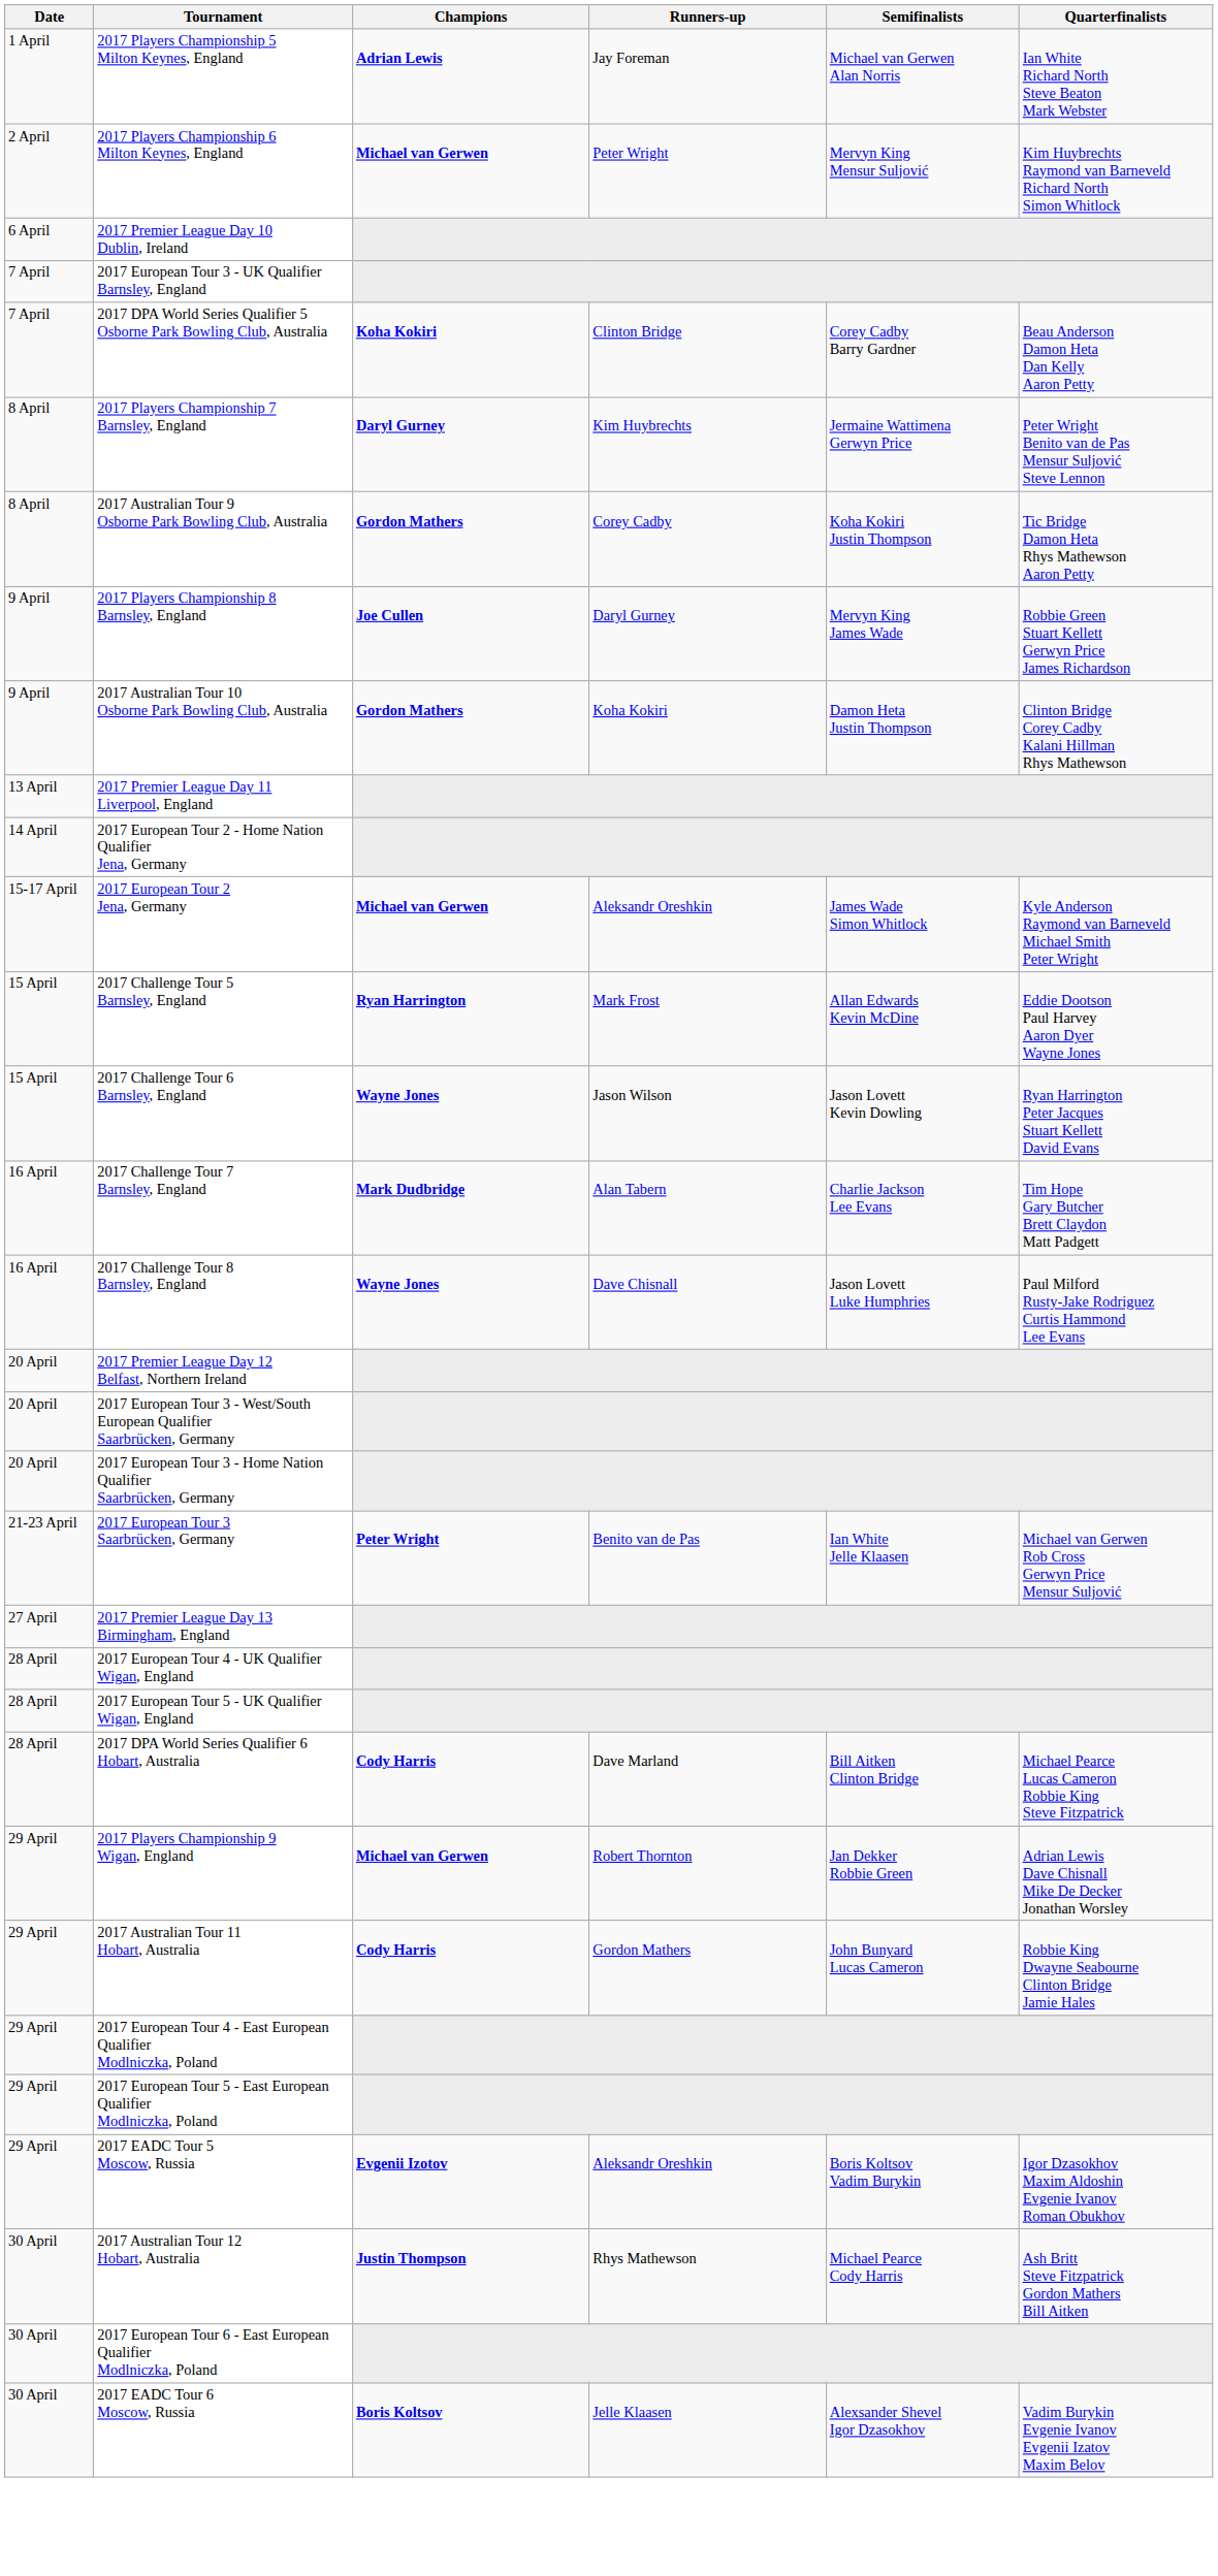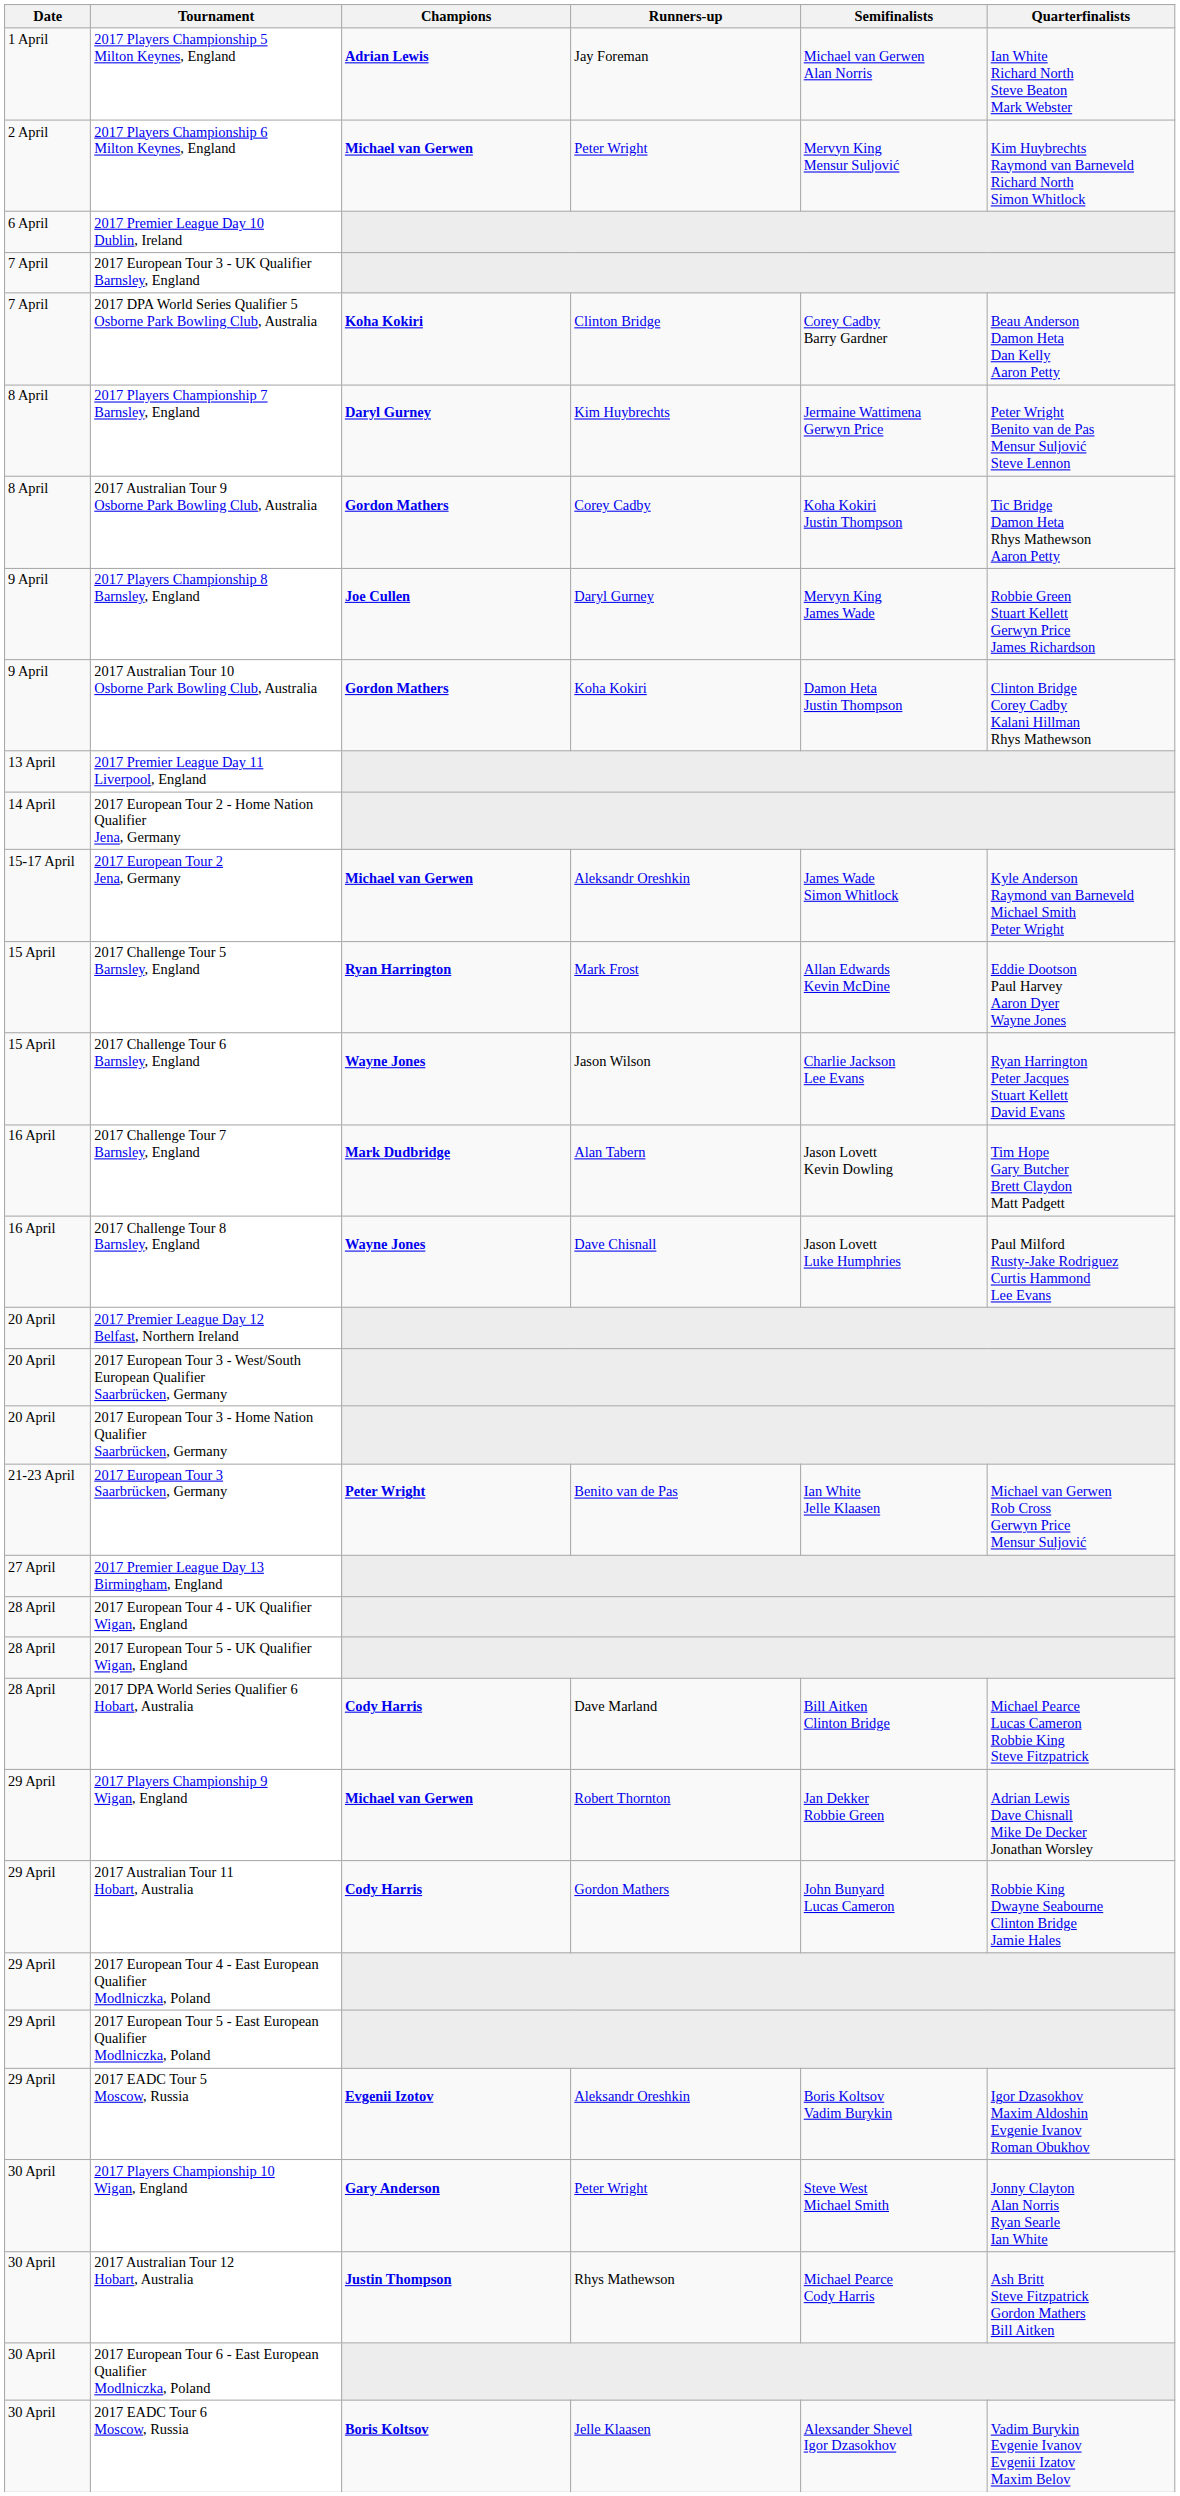 <table class=wikitable style=font-size:85%>
 <tr>
 <th width=75>Date</th>
 <th width=230>Tournament</th>
 <th width=210>Champions</th>
 <th width=210>Runners-up</th>
 <th width=170>Semifinalists</th>
 <th width=170>Quarterfinalists</th>
 </tr>
 <tr valign="top">
 <td>1 April</td>
 <td bgcolor="#ffffff"><a href='#'>2017 Players Championship 5</a><br><a href='#'>Milton Keynes</a>, England</td>
 <td><br> <strong><a href='#'>Adrian Lewis</a></strong></td>
 <td><br> Jay Foreman</td>
 <td><br> <a href='#'>Michael van Gerwen</a><br>  <a href='#'>Alan Norris</a></td>
 <td><br> <a href='#'>Ian White</a> <br>  <a href='#'>Richard North</a> <br>  <a href='#'>Steve Beaton</a> <br>  <a href='#'>Mark Webster</a></td>
 </tr>
 <tr valign="top">
 <td>2 April</td>
 <td bgcolor="#ffffff"><a href='#'>2017 Players Championship 6</a><br><a href='#'>Milton Keynes</a>, England</td>
 <td><br> <strong><a href='#'>Michael van Gerwen</a></strong></td>
 <td><br> <a href='#'>Peter Wright</a></td>
 <td><br> <a href='#'>Mervyn King</a> <br>  <a href='#'>Mensur Suljović</a> <br></td>
 <td><br> <a href='#'>Kim Huybrechts</a> <br>  <a href='#'>Raymond van Barneveld</a> <br>  <a href='#'>Richard North</a> <br>  <a href='#'>Simon Whitlock</a></td>
 </tr>
 <tr valign="top">
 <td>6 April</td>
 <td bgcolor="#ffffff"><a href='#'>2017 Premier League Day 10</a> <br> <a href='#'>Dublin</a>, Ireland</td>
 <td colspan=4 bgcolor="#ededed"></td>
 </tr>
 <tr valign="top">
 <td>7 April</td>
 <td bgcolor="#ffffff">2017 European Tour 3 - UK Qualifier <br> <a href='#'>Barnsley</a>, England</td>
 <td colspan=4 bgcolor="#ededed"></td>
 </tr>
 <tr valign="top">
 <td>7 April</td>
 <td bgcolor="#ffffff">2017 DPA World Series Qualifier 5<br><a href='#'>Osborne Park Bowling Club</a>, Australia</td>
 <td><br> <strong><a href='#'>Koha Kokiri</a></strong></td>
 <td><br> <a href='#'>Clinton Bridge</a></td>
 <td><br> <a href='#'>Corey Cadby</a><br>  Barry Gardner</td>
 <td><br> <a href='#'>Beau Anderson</a><br>  <a href='#'>Damon Heta</a><br>  <a href='#'>Dan Kelly</a><br>  <a href='#'>Aaron Petty</a></td>
 </tr>
 <tr valign="top">
 <td>8 April</td>
 <td bgcolor="#ffffff"><a href='#'>2017 Players Championship 7</a><br><a href='#'>Barnsley</a>, England</td>
 <td><br> <strong><a href='#'>Daryl Gurney</a></strong></td>
 <td><br> <a href='#'>Kim Huybrechts</a></td>
 <td><br> <a href='#'>Jermaine Wattimena</a> <br>  <a href='#'>Gerwyn Price</a></td>
 <td><br> <a href='#'>Peter Wright</a> <br>  <a href='#'>Benito van de Pas</a> <br>  <a href='#'>Mensur Suljović</a> <br>  <a href='#'>Steve Lennon</a></td>
 </tr>
 <tr valign="top">
 <td>8 April</td>
 <td bgcolor="#ffffff">2017 Australian Tour 9<br><a href='#'>Osborne Park Bowling Club</a>, Australia</td>
 <td><br> <strong><a href='#'>Gordon Mathers</a></strong></td>
 <td><br> <a href='#'>Corey Cadby</a></td>
 <td><br> <a href='#'>Koha Kokiri</a> <br>  <a href='#'>Justin Thompson</a></td>
 <td><br> <a href='#'>Tic Bridge</a><br>  <a href='#'>Damon Heta</a><br>  Rhys Mathewson<br>  <a href='#'>Aaron Petty</a></td>
 </tr>
 <tr valign="top">
 <td>9 April</td>
 <td bgcolor="#ffffff"><a href='#'>2017 Players Championship 8</a><br><a href='#'>Barnsley</a>, England</td>
 <td><br> <strong><a href='#'>Joe Cullen</a></strong></td>
 <td><br> <a href='#'>Daryl Gurney</a></td>
 <td><br> <a href='#'>Mervyn King</a> <br>  <a href='#'>James Wade</a></td>
 <td><br> <a href='#'>Robbie Green</a> <br>  <a href='#'>Stuart Kellett</a> <br>  <a href='#'>Gerwyn Price</a> <br>  <a href='#'>James Richardson</a></td>
 </tr>
 <tr valign="top">
 <td>9 April</td>
 <td bgcolor="#ffffff">2017 Australian Tour 10<br><a href='#'>Osborne Park Bowling Club</a>, Australia</td>
 <td><br> <strong><a href='#'>Gordon Mathers</a></strong></td>
 <td><br> <a href='#'>Koha Kokiri</a></td>
 <td><br> <a href='#'>Damon Heta</a><br>  <a href='#'>Justin Thompson</a></td>
 <td><br> <a href='#'>Clinton Bridge</a><br>  <a href='#'>Corey Cadby</a><br>  <a href='#'>Kalani Hillman</a><br>  Rhys Mathewson</td>
 </tr>
 <tr valign="top">
 <td>13 April</td>
 <td bgcolor="#ffffff"><a href='#'>2017 Premier League Day 11</a> <br> <a href='#'>Liverpool</a>, England</td>
 <td colspan=4 bgcolor="#ededed"></td>
 </tr>
 <tr valign="top">
 <td>14 April</td>
 <td bgcolor="#ffffff">2017 European Tour 2 - Home Nation Qualifier <br> <a href='#'>Jena</a>, Germany</td>
 <td colspan=4 bgcolor="#ededed"></td>
 </tr>
 <tr valign="top">
 <td>15-17 April</td>
 <td bgcolor="#ffffff"><a href='#'>2017 European Tour 2</a><br><a href='#'>Jena</a>, Germany</td>
 <td><br> <strong><a href='#'>Michael van Gerwen</a></strong></td>
 <td><br> <a href='#'>Aleksandr Oreshkin</a></td>
 <td><br> <a href='#'>James Wade</a> <br>  <a href='#'>Simon Whitlock</a></td>
 <td><br> <a href='#'>Kyle Anderson</a> <br>  <a href='#'>Raymond van Barneveld</a> <br>  <a href='#'>Michael Smith</a> <br>  <a href='#'>Peter Wright</a></td>
 </tr>
 <tr valign="top">
 <td>15 April</td>
 <td bgcolor="#ffffff">2017 Challenge Tour 5<br><a href='#'>Barnsley</a>, England</td>
 <td><br> <strong><a href='#'>Ryan Harrington</a></strong></td>
 <td><br> <a href='#'>Mark Frost</a></td>
 <td><br> <a href='#'>Allan Edwards</a> <br>  <a href='#'>Kevin McDine</a></td>
 <td><br> <a href='#'>Eddie Dootson</a> <br>  Paul Harvey <br>  <a href='#'>Aaron Dyer</a> <br>  <a href='#'>Wayne Jones</a></td>
 </tr>
 <tr valign="top">
 <td>15 April</td>
 <td bgcolor="#ffffff">2017 Challenge Tour 6<br><a href='#'>Barnsley</a>, England</td>
 <td><br> <strong><a href='#'>Wayne Jones</a></strong></td>
 <td><br> Jason Wilson</td>
-<td><br> Jason Lovett <br>  Kevin Dowling</td>
+<td><br> <a href='#'>Charlie Jackson</a> <br>  <a href='#'>Lee Evans</a></td>
 <td><br> <a href='#'>Ryan Harrington</a> <br>  <a href='#'>Peter Jacques</a> <br>  <a href='#'>Stuart Kellett</a> <br>  <a href='#'>David Evans</a></td>
 </tr>
 <tr valign="top">
 <td>16 April</td>
 <td bgcolor="#ffffff">2017 Challenge Tour 7<br><a href='#'>Barnsley</a>, England</td>
 <td><br> <strong><a href='#'>Mark Dudbridge</a></strong></td>
 <td><br> <a href='#'>Alan Tabern</a></td>
-<td><br> <a href='#'>Charlie Jackson</a> <br>  <a href='#'>Lee Evans</a></td>
+<td><br> Jason Lovett <br>  Kevin Dowling</td>
 <td><br> <a href='#'>Tim Hope</a> <br>  <a href='#'>Gary Butcher</a> <br>  <a href='#'>Brett Claydon</a> <br>  Matt Padgett</td>
 </tr>
 <tr valign="top">
 <td>16 April</td>
 <td bgcolor="#ffffff">2017 Challenge Tour 8<br><a href='#'>Barnsley</a>, England</td>
 <td><br> <strong><a href='#'>Wayne Jones</a></strong></td>
 <td><br> <a href='#'>Dave Chisnall</a></td>
 <td><br> Jason Lovett <br>  <a href='#'>Luke Humphries</a></td>
 <td><br> Paul Milford <br>  <a href='#'>Rusty-Jake Rodriguez</a> <br>  <a href='#'>Curtis Hammond</a> <br>  <a href='#'>Lee Evans</a></td>
 </tr>
 <tr valign="top">
 <td>20 April</td>
 <td bgcolor="#ffffff"><a href='#'>2017 Premier League Day 12</a> <br> <a href='#'>Belfast</a>, Northern Ireland</td>
 <td colspan=4 bgcolor="#ededed"></td>
 </tr>
 <tr valign="top">
 <td>20 April</td>
 <td bgcolor="#ffffff">2017 European Tour 3 - West/South European Qualifier <br> <a href='#'>Saarbrücken</a>, Germany</td>
 <td colspan=4 bgcolor="#ededed"></td>
 </tr>
 <tr valign="top">
 <td>20 April</td>
 <td bgcolor="#ffffff">2017 European Tour 3 - Home Nation Qualifier <br> <a href='#'>Saarbrücken</a>, Germany</td>
 <td colspan=4 bgcolor="#ededed"></td>
 </tr>
 <tr valign="top">
 <td>21-23 April</td>
 <td bgcolor="#ffffff"><a href='#'>2017 European Tour 3</a><br><a href='#'>Saarbrücken</a>, Germany</td>
 <td><br> <strong><a href='#'>Peter Wright</a></strong></td>
 <td><br> <a href='#'>Benito van de Pas</a></td>
 <td><br> <a href='#'>Ian White</a> <br>  <a href='#'>Jelle Klaasen</a></td>
 <td><br> <a href='#'>Michael van Gerwen</a> <br>  <a href='#'>Rob Cross</a> <br>  <a href='#'>Gerwyn Price</a> <br>  <a href='#'>Mensur Suljović</a></td>
 </tr>
 <tr valign="top">
 <td>27 April</td>
 <td bgcolor="#ffffff"><a href='#'>2017 Premier League Day 13</a> <br> <a href='#'>Birmingham</a>, England</td>
 <td colspan=4 bgcolor="#ededed"></td>
 </tr>
 <tr valign="top">
 <td>28 April</td>
 <td bgcolor="#ffffff">2017 European Tour 4 - UK Qualifier <br> <a href='#'>Wigan</a>, England</td>
 <td colspan=4 bgcolor="#ededed"></td>
 </tr>
 <tr valign="top">
 <td>28 April</td>
 <td bgcolor="#ffffff">2017 European Tour 5 - UK Qualifier <br> <a href='#'>Wigan</a>, England</td>
 <td colspan=4 bgcolor="#ededed"></td>
 </tr>
 <tr valign="top">
 <td>28 April</td>
 <td bgcolor="#ffffff">2017 DPA World Series Qualifier 6<br><a href='#'>Hobart</a>, Australia</td>
 <td><br> <strong><a href='#'>Cody Harris</a></strong></td>
 <td><br> Dave Marland</td>
 <td><br> <a href='#'>Bill Aitken</a> <br>  <a href='#'>Clinton Bridge</a></td>
 <td><br> <a href='#'>Michael Pearce</a> <br>  <a href='#'>Lucas Cameron</a> <br>  <a href='#'>Robbie King</a> <br>  <a href='#'>Steve Fitzpatrick</a></td>
 </tr>
 <tr valign="top">
 <td>29 April</td>
 <td bgcolor="#ffffff"><a href='#'>2017 Players Championship 9</a><br><a href='#'>Wigan</a>, England</td>
 <td><br> <strong><a href='#'>Michael van Gerwen</a></strong></td>
 <td><br> <a href='#'>Robert Thornton</a></td>
 <td><br> <a href='#'>Jan Dekker</a> <br>  <a href='#'>Robbie Green</a></td>
 <td><br> <a href='#'>Adrian Lewis</a> <br>  <a href='#'>Dave Chisnall</a> <br>  <a href='#'>Mike De Decker</a> <br>  Jonathan Worsley</td>
 </tr>
 <tr valign="top">
 <td>29 April</td>
 <td bgcolor="#ffffff">2017 Australian Tour 11<br><a href='#'>Hobart</a>, Australia</td>
 <td><br> <strong><a href='#'>Cody Harris</a></strong></td>
 <td><br> <a href='#'>Gordon Mathers</a></td>
 <td><br> <a href='#'>John Bunyard</a> <br>  <a href='#'>Lucas Cameron</a></td>
 <td><br> <a href='#'>Robbie King</a> <br>  <a href='#'>Dwayne Seabourne</a> <br>  <a href='#'>Clinton Bridge</a> <br>  <a href='#'>Jamie Hales</a></td>
 </tr>
 <tr valign="top">
 <td>29 April</td>
 <td bgcolor="#ffffff">2017 European Tour 4 - East European Qualifier <br> <a href='#'>Modlniczka</a>, Poland</td>
 <td colspan=4 bgcolor="#ededed"></td>
 </tr>
 <tr valign="top">
 <td>29 April</td>
 <td bgcolor="#ffffff">2017 European Tour 5 - East European Qualifier <br> <a href='#'>Modlniczka</a>, Poland</td>
 <td colspan=4 bgcolor="#ededed"></td>
 </tr>
 <tr valign="top">
 <td>29 April</td>
 <td bgcolor="#ffffff">2017 EADC Tour 5<br><a href='#'>Moscow</a>, Russia</td>
 <td><br> <strong><a href='#'>Evgenii Izotov</a></strong></td>
 <td><br> <a href='#'>Aleksandr Oreshkin</a></td>
 <td><br> <a href='#'>Boris Koltsov</a> <br>  <a href='#'>Vadim Burykin</a></td>
 <td><br> <a href='#'>Igor Dzasokhov</a> <br>  <a href='#'>Maxim Aldoshin</a> <br>  <a href='#'>Evgenie Ivanov</a> <br>  <a href='#'>Roman Obukhov</a></td>
 </tr>
 <tr valign="top">
 <td>30 April</td>
+<td bgcolor="#ffffff"><a href='#'>2017 Players Championship 10</a><br><a href='#'>Wigan</a>, England</td>
+<td><br> <strong><a href='#'>Gary Anderson</a></strong></td>
+<td><br> <a href='#'>Peter Wright</a></td>
+<td><br> <a href='#'>Steve West</a> <br>  <a href='#'>Michael Smith</a></td>
+<td><br> <a href='#'>Jonny Clayton</a> <br>  <a href='#'>Alan Norris</a> <br>  <a href='#'>Ryan Searle</a> <br>  <a href='#'>Ian White</a></td>
+</tr>
+<tr valign="top">
+<td>30 April</td>
 <td bgcolor="#ffffff">2017 Australian Tour 12<br><a href='#'>Hobart</a>, Australia</td>
 <td><br> <strong><a href='#'>Justin Thompson</a></strong></td>
 <td><br> Rhys Mathewson</td>
 <td><br> <a href='#'>Michael Pearce</a> <br>  <a href='#'>Cody Harris</a></td>
 <td><br> <a href='#'>Ash Britt</a> <br>  <a href='#'>Steve Fitzpatrick</a> <br>  <a href='#'>Gordon Mathers</a> <br>  <a href='#'>Bill Aitken</a></td>
 </tr>
 <tr valign="top">
 <td>30 April</td>
 <td bgcolor="#ffffff">2017 European Tour 6 - East European Qualifier <br> <a href='#'>Modlniczka</a>, Poland</td>
 <td colspan=4 bgcolor="#ededed"></td>
 </tr>
 <tr valign="top">
 <td>30 April</td>
 <td bgcolor="#ffffff">2017 EADC Tour 6<br><a href='#'>Moscow</a>, Russia</td>
 <td><br> <strong><a href='#'>Boris Koltsov</a></strong></td>
 <td><br> <a href='#'>Jelle Klaasen</a></td>
 <td><br> <a href='#'>Alexsander Shevel</a> <br>  <a href='#'>Igor Dzasokhov</a></td>
 <td><br> <a href='#'>Vadim Burykin</a> <br>  <a href='#'>Evgenie Ivanov</a> <br>  <a href='#'>Evgenii Izatov</a> <br>  <a href='#'>Maxim Belov</a></td>
 </tr>
 </table>
